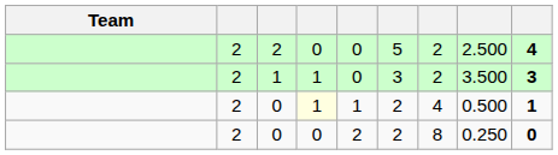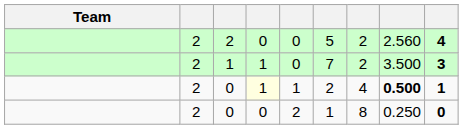 <table class="wikitable" style="text-align: center; font-size:90% ">
 <tr>
 <th width=160>Team</th>
 <th width=25></th>
 <th width=25></th>
 <th width=25></th>
 <th width=25></th>
 <th width=25></th>
 <th width=25></th>
 <th width=35></th>
 <th width=25></th>
 </tr>
 <tr bgcolor=ccffcc>
 <td align=left></td>
 <td>2</td>
 <td>2</td>
 <td>0</td>
 <td>0</td>
 <td>5</td>
 <td>2</td>
-<td>2.500</td>
+<td>2.560</td>
 <td><strong>4</strong></td>
 </tr>
 <tr style=background:#ccffcc>
 <td align=left></td>
 <td>2</td>
 <td>1</td>
 <td>1</td>
 <td>0</td>
-<td>3</td>
+<td>7</td>
 <td>2</td>
 <td>3.500</td>
 <td><strong>3</strong></td>
 </tr>
 <tr>
 <td align=left></td>
 <td>2</td>
 <td>0</td>
 <td style="background: lightyellow;">1</td>
 <td>1</td>
 <td>2</td>
 <td>4</td>
-<td>0.500</td>
+<td><strong>0.500</strong></td>
 <td><strong>1</strong></td>
 </tr>
 <tr>
 <td align=left></td>
 <td>2</td>
 <td>0</td>
 <td>0</td>
 <td>2</td>
-<td>2</td>
+<td>1</td>
 <td>8</td>
 <td>0.250</td>
 <td><strong>0</strong></td>
 </tr>
 </table>
